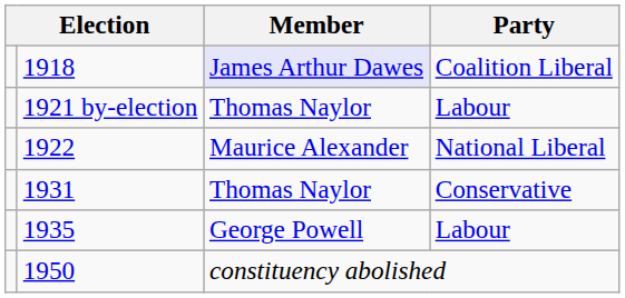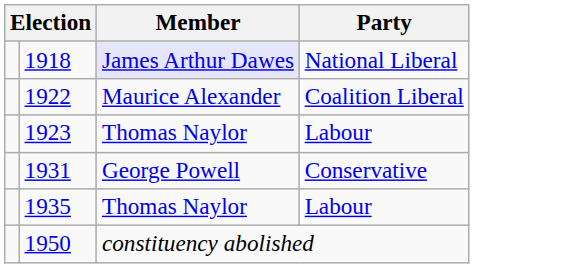 <table class="wikitable">
 <tr>
 <th colspan="2">Election</th>
 <th>Member</th>
 <th>Party</th>
 </tr>
 <tr>
 <td style="color:inherit;background-color: "></td>
 <td><a href='#'>1918</a></td>
 <td style="background: lavender;"><a href='#'>James Arthur Dawes</a></td>
+<td><a href='#'>National Liberal</a></td>
+</tr>
+<tr>
+<td style="color:inherit;background-color: "></td>
+<td><a href='#'>1922</a></td>
+<td><a href='#'>Maurice Alexander</a></td>
 <td><a href='#'>Coalition Liberal</a></td>
 </tr>
 <tr>
 <td style="color:inherit;background-color: "></td>
-<td><a href='#'>1921 by-election</a></td>
+<td><a href='#'>1923</a></td>
 <td><a href='#'>Thomas Naylor</a></td>
 <td><a href='#'>Labour</a></td>
 </tr>
 <tr>
 <td style="color:inherit;background-color: "></td>
-<td><a href='#'>1922</a></td>
-<td><a href='#'>Maurice Alexander</a></td>
-<td><a href='#'>National Liberal</a></td>
-</tr>
-<tr>
-<td style="color:inherit;background-color: "></td>
 <td><a href='#'>1931</a></td>
-<td><a href='#'>Thomas Naylor</a></td>
+<td><a href='#'>George Powell</a></td>
 <td><a href='#'>Conservative</a></td>
 </tr>
 <tr>
 <td style="color:inherit;background-color: "></td>
 <td><a href='#'>1935</a></td>
-<td><a href='#'>George Powell</a></td>
+<td><a href='#'>Thomas Naylor</a></td>
 <td><a href='#'>Labour</a></td>
 </tr>
 <tr>
 <td></td>
 <td><a href='#'>1950</a></td>
 <td colspan="2"><em>constituency abolished</em></td>
 </tr>
 </table>
